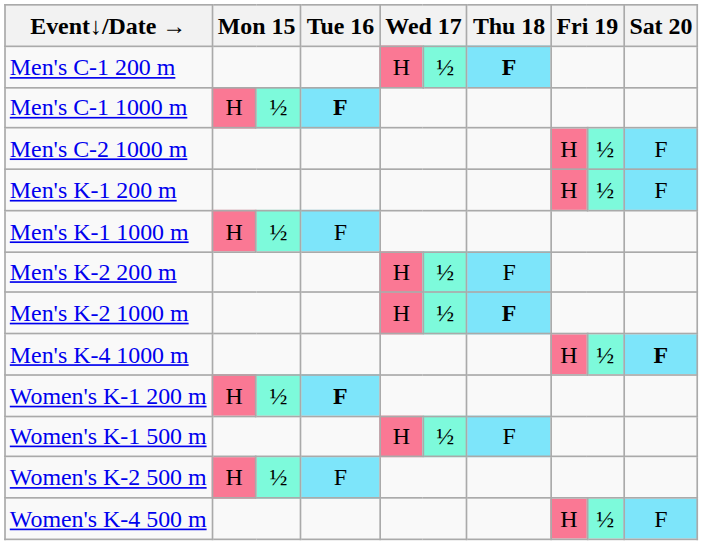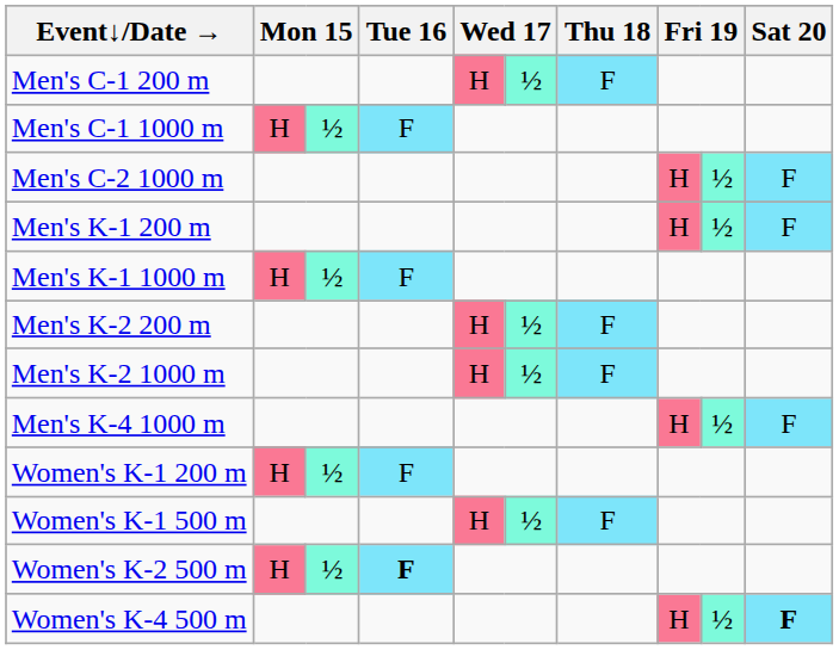 <table class="wikitable" style="margin:0.5em auto; font-size:90%; line-height:1.25em;text-align:center;">
 <tr>
 <th>Event↓/Date →</th>
 <th colspan="2">Mon 15</th>
 <th>Tue 16</th>
 <th colspan="2">Wed 17</th>
 <th>Thu 18</th>
 <th colspan="2">Fri 19</th>
 <th>Sat 20</th>
 </tr>
 <tr>
 <td style="text-align:left;"><a href='#'>Men's C-1 200 m</a></td>
 <td colspan="2"></td>
 <td></td>
 <td style="background-color:#FA7894;">H</td>
 <td style="background-color:#7DFADB;">½</td>
-<td style="background-color:#7DE5FA;"><strong>F</strong></td>
+<td style="background-color:#7DE5FA;">F</td>
 <td colspan="2"></td>
 <td></td>
 </tr>
 <tr>
 <td style="text-align:left;"><a href='#'>Men's C-1 1000 m</a></td>
 <td style="background-color:#FA7894;">H</td>
 <td style="background-color:#7DFADB;">½</td>
-<td style="background-color:#7DE5FA;"><strong>F</strong></td>
+<td style="background-color:#7DE5FA;">F</td>
 <td colspan="2"></td>
 <td></td>
 <td colspan="2"></td>
 <td></td>
 </tr>
 <tr>
 <td style="text-align:left;"><a href='#'>Men's C-2 1000 m</a></td>
 <td colspan="2"></td>
 <td></td>
 <td colspan="2"></td>
 <td></td>
 <td style="background-color:#FA7894;">H</td>
 <td style="background-color:#7DFADB;">½</td>
 <td style="background-color:#7DE5FA;">F</td>
 </tr>
 <tr>
 <td style="text-align:left;"><a href='#'>Men's K-1 200 m</a></td>
 <td colspan="2"></td>
 <td></td>
 <td colspan="2"></td>
 <td></td>
 <td style="background-color:#FA7894;">H</td>
 <td style="background-color:#7DFADB;">½</td>
 <td style="background-color:#7DE5FA;">F</td>
 </tr>
 <tr>
 <td style="text-align:left;"><a href='#'>Men's K-1 1000 m</a></td>
 <td style="background-color:#FA7894;">H</td>
 <td style="background-color:#7DFADB;">½</td>
 <td style="background-color:#7DE5FA;">F</td>
 <td colspan="2"></td>
 <td></td>
 <td colspan="2"></td>
 <td></td>
 </tr>
 <tr>
 <td style="text-align:left;"><a href='#'>Men's K-2 200 m</a></td>
 <td colspan="2"></td>
 <td></td>
 <td style="background-color:#FA7894;">H</td>
 <td style="background-color:#7DFADB;">½</td>
 <td style="background-color:#7DE5FA;">F</td>
 <td colspan="2"></td>
 <td></td>
 </tr>
 <tr>
 <td style="text-align:left;"><a href='#'>Men's K-2 1000 m</a></td>
 <td colspan="2"></td>
 <td></td>
 <td style="background-color:#FA7894;">H</td>
 <td style="background-color:#7DFADB;">½</td>
-<td style="background-color:#7DE5FA;"><strong>F</strong></td>
+<td style="background-color:#7DE5FA;">F</td>
 <td colspan="2"></td>
 <td></td>
 </tr>
 <tr>
 <td style="text-align:left;"><a href='#'>Men's K-4 1000 m</a></td>
 <td colspan="2"></td>
 <td></td>
 <td colspan="2"></td>
 <td></td>
 <td style="background-color:#FA7894;">H</td>
 <td style="background-color:#7DFADB;">½</td>
-<td style="background-color:#7DE5FA;"><strong>F</strong></td>
+<td style="background-color:#7DE5FA;">F</td>
 </tr>
 <tr>
 <td style="text-align:left;"><a href='#'>Women's K-1 200 m</a></td>
 <td style="background-color:#FA7894;">H</td>
 <td style="background-color:#7DFADB;">½</td>
-<td style="background-color:#7DE5FA;"><strong>F</strong></td>
+<td style="background-color:#7DE5FA;">F</td>
 <td colspan="2"></td>
 <td></td>
 <td colspan="2"></td>
 <td></td>
 </tr>
 <tr>
 <td style="text-align:left;"><a href='#'>Women's K-1 500 m</a></td>
 <td colspan="2"></td>
 <td></td>
 <td style="background-color:#FA7894;">H</td>
 <td style="background-color:#7DFADB;">½</td>
 <td style="background-color:#7DE5FA;">F</td>
 <td colspan="2"></td>
 <td></td>
 </tr>
 <tr>
 <td style="text-align:left;"><a href='#'>Women's K-2 500 m</a></td>
 <td style="background-color:#FA7894;">H</td>
 <td style="background-color:#7DFADB;">½</td>
-<td style="background-color:#7DE5FA;">F</td>
+<td style="background-color:#7DE5FA;"><strong>F</strong></td>
 <td colspan="2"></td>
 <td></td>
 <td colspan="2"></td>
 <td></td>
 </tr>
 <tr>
 <td style="text-align:left;"><a href='#'>Women's K-4 500 m</a></td>
 <td colspan="2"></td>
 <td></td>
 <td colspan="2"></td>
 <td></td>
 <td style="background-color:#FA7894;">H</td>
 <td style="background-color:#7DFADB;">½</td>
-<td style="background-color:#7DE5FA;">F</td>
+<td style="background-color:#7DE5FA;"><strong>F</strong></td>
 </tr>
 </table>
